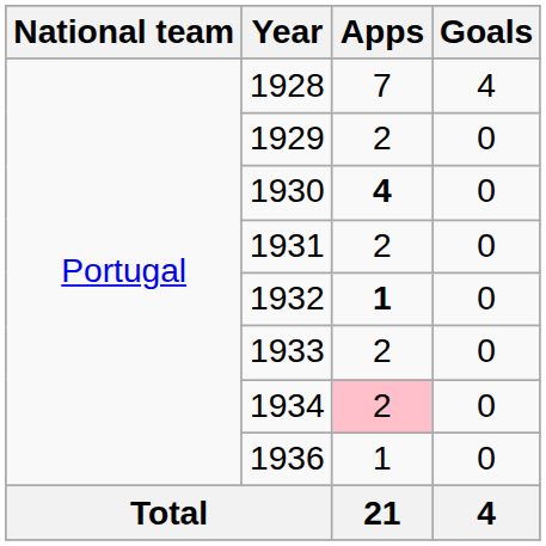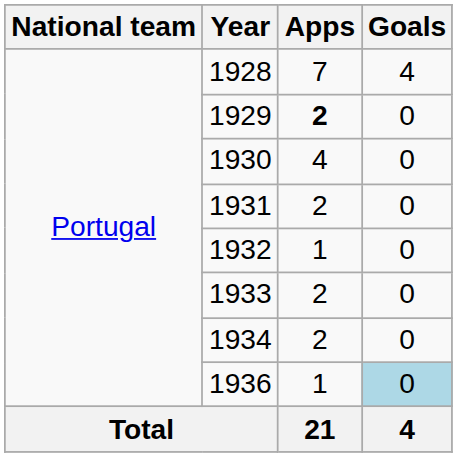 <table class="wikitable" style="text-align:center">
 <tr>
 <th>National team</th>
 <th>Year</th>
 <th>Apps</th>
 <th>Goals</th>
 </tr>
 <tr>
 <td rowspan="8"><a href='#'>Portugal</a></td>
 <td>1928</td>
 <td>7</td>
 <td>4</td>
 </tr>
 <tr>
 <td>1929</td>
-<td>2</td>
+<td><strong>2</strong></td>
 <td>0</td>
 </tr>
 <tr>
 <td>1930</td>
-<td><strong>4</strong></td>
+<td>4</td>
 <td>0</td>
 </tr>
 <tr>
 <td>1931</td>
 <td>2</td>
 <td>0</td>
 </tr>
 <tr>
 <td>1932</td>
-<td><strong>1</strong></td>
+<td>1</td>
 <td>0</td>
 </tr>
 <tr>
 <td>1933</td>
 <td>2</td>
 <td>0</td>
 </tr>
 <tr>
 <td>1934</td>
-<td style="background: pink;">2</td>
+<td>2</td>
 <td>0</td>
 </tr>
 <tr>
 <td>1936</td>
 <td>1</td>
-<td>0</td>
+<td style="background: lightblue;">0</td>
 </tr>
 <tr>
 <th colspan="2">Total</th>
 <th>21</th>
 <th>4</th>
 </tr>
 </table>
